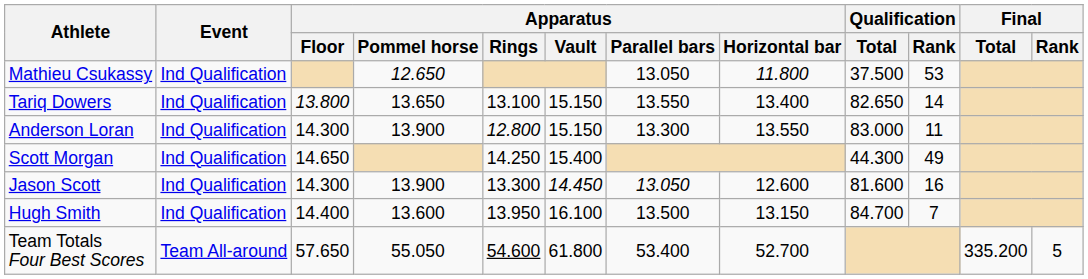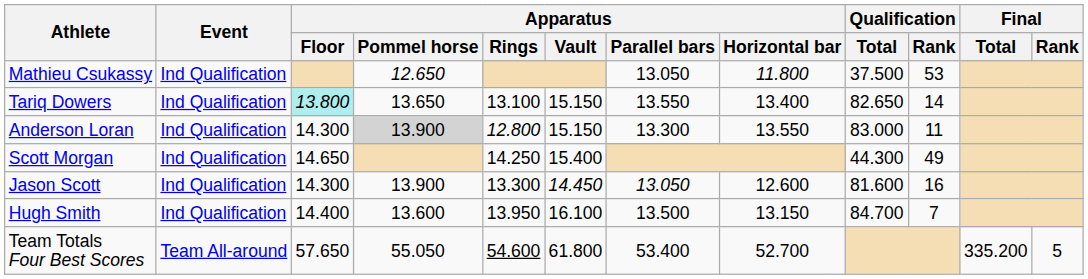 <table class="wikitable" style="font-size:90%">
 <tr>
 <th rowspan="2">Athlete</th>
 <th rowspan="2">Event</th>
 <th colspan = "6">Apparatus</th>
 <th colspan = "2">Qualification</th>
 <th colspan = "2">Final</th>
 </tr>
 <tr>
 <th>Floor</th>
 <th>Pommel horse</th>
 <th>Rings</th>
 <th>Vault</th>
 <th>Parallel bars</th>
 <th>Horizontal bar</th>
 <th>Total</th>
 <th>Rank</th>
 <th>Total</th>
 <th>Rank</th>
 </tr>
 <tr>
 <td><a href='#'>Mathieu Csukassy</a></td>
 <td><a href='#'>Ind Qualification</a></td>
 <td align=center bgcolor=wheat></td>
 <td align=center><em>12.650</em></td>
 <td align=center colspan=2 bgcolor=wheat></td>
 <td align=center>13.050</td>
 <td align=center><em>11.800</em></td>
 <td align=center>37.500</td>
 <td align=center>53</td>
 <td align=center colspan=2 bgcolor=wheat></td>
 </tr>
 <tr>
 <td><a href='#'>Tariq Dowers</a></td>
 <td><a href='#'>Ind Qualification</a></td>
-<td align=center><em>13.800</em></td>
+<td align=center style="background: paleturquoise;"><em>13.800</em></td>
 <td align=center>13.650</td>
 <td align=center>13.100</td>
 <td align=center>15.150</td>
 <td align=center>13.550</td>
 <td align=center>13.400</td>
 <td align=center>82.650</td>
 <td align=center>14</td>
 <td align=center colspan=2 bgcolor=wheat></td>
 </tr>
 <tr>
 <td><a href='#'>Anderson Loran</a></td>
 <td><a href='#'>Ind Qualification</a></td>
 <td align=center>14.300</td>
-<td align=center>13.900</td>
+<td align=center style="background: lightgrey;">13.900</td>
 <td align=center><em>12.800</em></td>
 <td align=center>15.150</td>
 <td align=center>13.300</td>
 <td align=center>13.550</td>
 <td align=center>83.000</td>
 <td align=center>11</td>
 <td align=center colspan=2 bgcolor=wheat></td>
 </tr>
 <tr>
 <td><a href='#'>Scott Morgan</a></td>
 <td><a href='#'>Ind Qualification</a></td>
 <td align=center>14.650</td>
 <td align=center bgcolor=wheat></td>
 <td align=center>14.250</td>
 <td align=center>15.400</td>
 <td align=center colspan=2 bgcolor=wheat></td>
 <td align=center>44.300</td>
 <td align=center>49</td>
 <td align=center colspan=2 bgcolor=wheat></td>
 </tr>
 <tr>
 <td><a href='#'>Jason Scott</a></td>
 <td><a href='#'>Ind Qualification</a></td>
 <td align=center>14.300</td>
 <td align=center>13.900</td>
 <td align=center>13.300</td>
 <td align=center><em>14.450</em></td>
 <td align=center><em>13.050</em></td>
 <td align=center>12.600</td>
 <td align=center>81.600</td>
 <td align=center>16</td>
 <td align=center colspan=2 bgcolor=wheat></td>
 </tr>
 <tr>
 <td><a href='#'>Hugh Smith</a></td>
 <td><a href='#'>Ind Qualification</a></td>
 <td align=center>14.400</td>
 <td align=center>13.600</td>
 <td align=center>13.950</td>
 <td align=center>16.100</td>
 <td align=center>13.500</td>
 <td align=center>13.150</td>
 <td align=center>84.700</td>
 <td align=center>7</td>
 <td align=center colspan=2 bgcolor=wheat></td>
 </tr>
 <tr>
 <td>Team Totals<br><em>Four Best Scores</em></td>
 <td><a href='#'>Team All-around</a></td>
 <td align=center>57.650</td>
 <td align=center>55.050</td>
 <td align=center><u>54.600</u></td>
 <td align=center>61.800</td>
 <td align=center>53.400</td>
 <td align=center>52.700</td>
 <td align=center colspan=2 bgcolor=wheat></td>
 <td align=center>335.200</td>
 <td align=center>5</td>
 </tr>
 </table>
